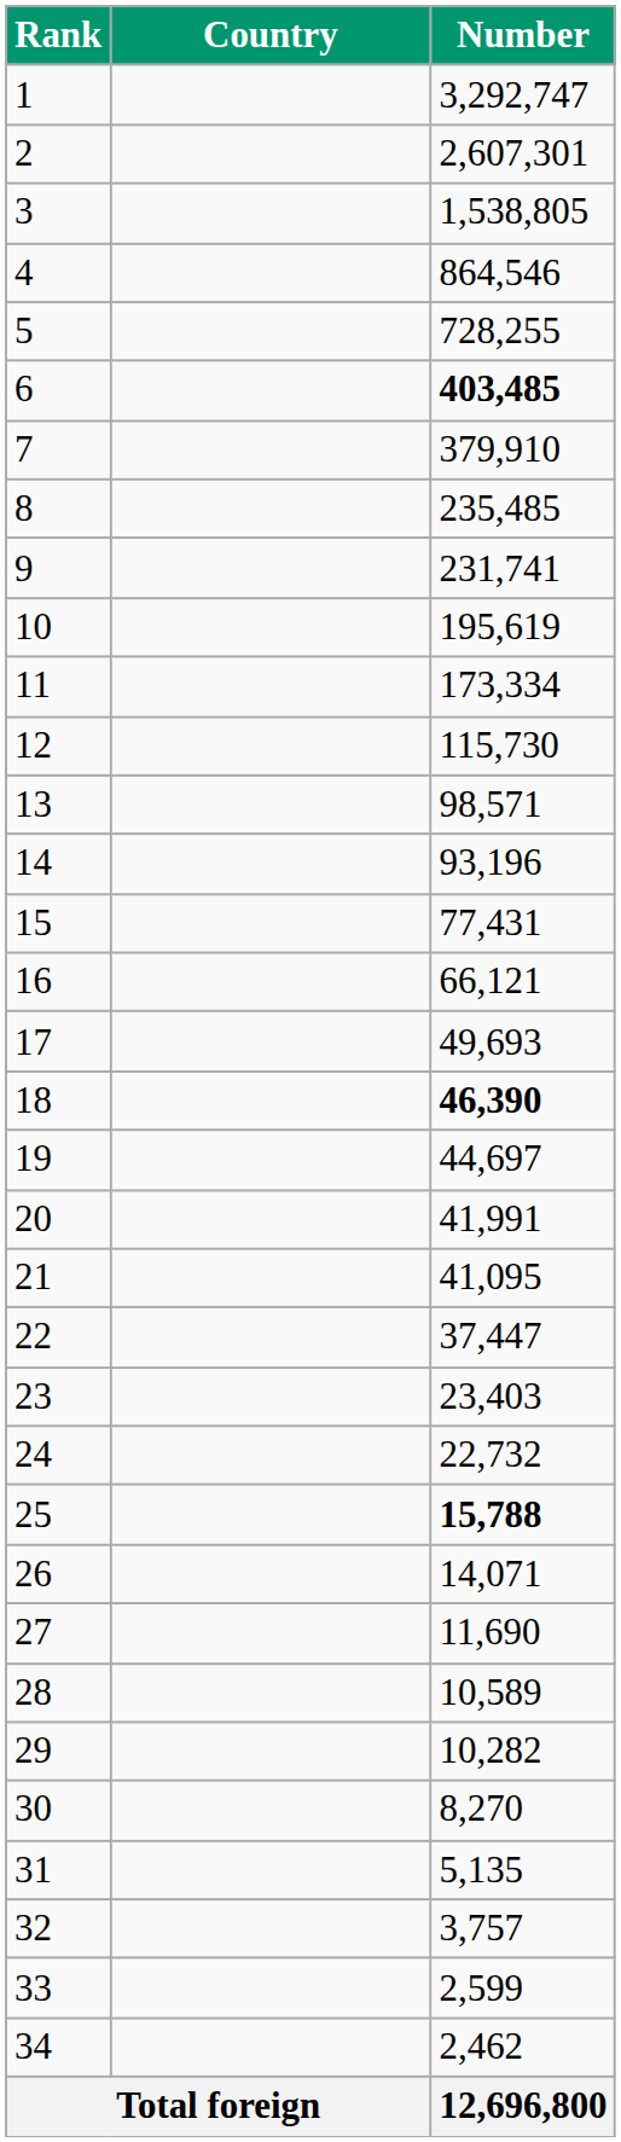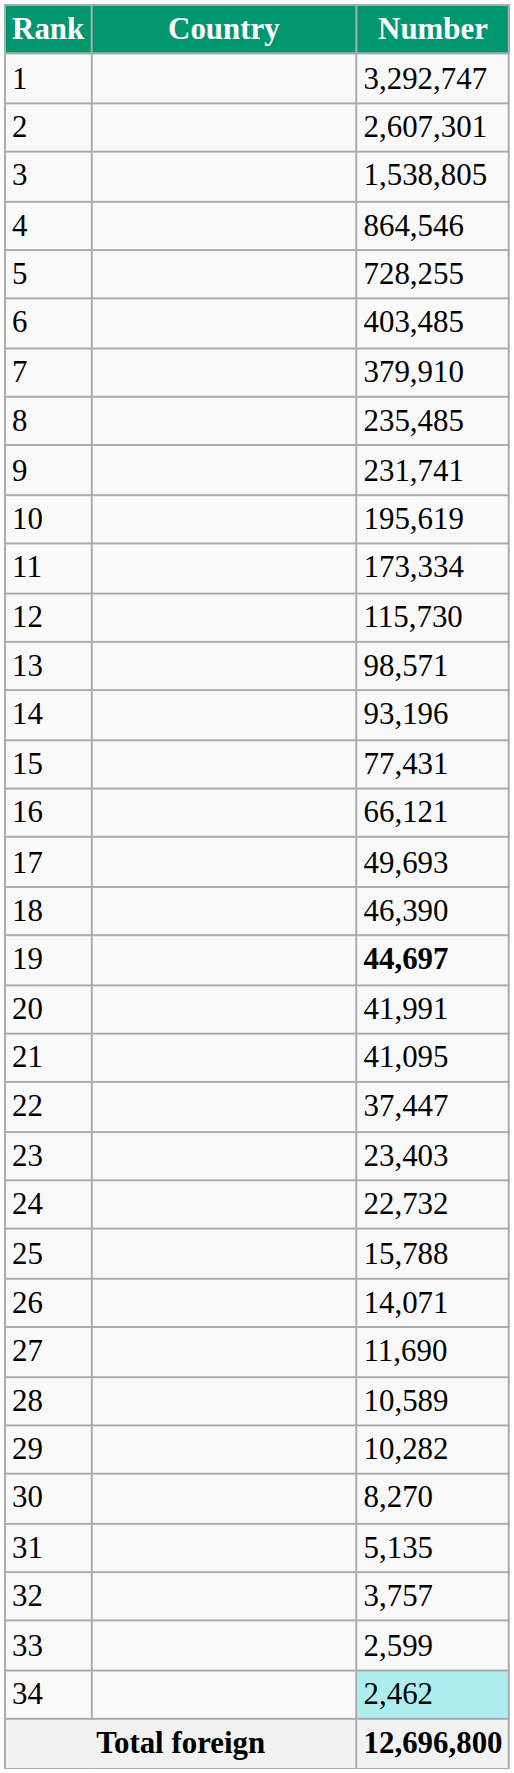 <table class="wikitable">
 <tr>
 </tr>
 <tr style="color:white;">
 <th style="width:5px; background:#00966E;">Rank</th>
 <th style="width:130px; background:#00966E;">Country</th>
 <th style="width:50px; background:#00966E;">Number</th>
 </tr>
 <tr>
 <td>1</td>
 <td></td>
 <td>3,292,747</td>
 </tr>
 <tr>
 <td>2</td>
 <td></td>
 <td>2,607,301</td>
 </tr>
 <tr>
 <td>3</td>
 <td></td>
 <td>1,538,805</td>
 </tr>
 <tr>
 <td>4</td>
 <td></td>
 <td>864,546</td>
 </tr>
 <tr>
 <td>5</td>
 <td></td>
 <td>728,255</td>
 </tr>
 <tr>
 <td>6</td>
 <td></td>
-<td><strong>403,485</strong></td>
+<td>403,485</td>
 </tr>
 <tr>
 <td>7</td>
 <td></td>
 <td>379,910</td>
 </tr>
 <tr>
 <td>8</td>
 <td></td>
 <td>235,485</td>
 </tr>
 <tr>
 <td>9</td>
 <td></td>
 <td>231,741</td>
 </tr>
 <tr>
 <td>10</td>
 <td></td>
 <td>195,619</td>
 </tr>
 <tr>
 <td>11</td>
 <td></td>
 <td>173,334</td>
 </tr>
 <tr>
 <td>12</td>
 <td></td>
 <td>115,730</td>
 </tr>
 <tr>
 <td>13</td>
 <td></td>
 <td>98,571</td>
 </tr>
 <tr>
 <td>14</td>
 <td></td>
 <td>93,196</td>
 </tr>
 <tr>
 <td>15</td>
 <td></td>
 <td>77,431</td>
 </tr>
 <tr>
 <td>16</td>
 <td></td>
 <td>66,121</td>
 </tr>
 <tr>
 <td>17</td>
 <td></td>
 <td>49,693</td>
 </tr>
 <tr>
 <td>18</td>
 <td></td>
-<td><strong>46,390</strong></td>
+<td>46,390</td>
 </tr>
 <tr>
 <td>19</td>
 <td></td>
-<td>44,697</td>
+<td><strong>44,697</strong></td>
 </tr>
 <tr>
 <td>20</td>
 <td></td>
 <td>41,991</td>
 </tr>
 <tr>
 <td>21</td>
 <td></td>
 <td>41,095</td>
 </tr>
 <tr>
 <td>22</td>
 <td></td>
 <td>37,447</td>
 </tr>
 <tr>
 <td>23</td>
 <td></td>
 <td>23,403</td>
 </tr>
 <tr>
 <td>24</td>
 <td></td>
 <td>22,732</td>
 </tr>
 <tr>
 <td>25</td>
 <td></td>
-<td><strong>15,788</strong></td>
+<td>15,788</td>
 </tr>
 <tr>
 <td>26</td>
 <td></td>
 <td>14,071</td>
 </tr>
 <tr>
 <td>27</td>
 <td></td>
 <td>11,690</td>
 </tr>
 <tr>
 <td>28</td>
 <td></td>
 <td>10,589</td>
 </tr>
 <tr>
 <td>29</td>
 <td></td>
 <td>10,282</td>
 </tr>
 <tr>
 <td>30</td>
 <td></td>
 <td>8,270</td>
 </tr>
 <tr>
 <td>31</td>
 <td></td>
 <td>5,135</td>
 </tr>
 <tr>
 <td>32</td>
 <td></td>
 <td>3,757</td>
 </tr>
 <tr>
 <td>33</td>
 <td></td>
 <td>2,599</td>
 </tr>
 <tr>
 <td>34</td>
 <td></td>
-<td>2,462</td>
+<td style="background: paleturquoise;">2,462</td>
 </tr>
 <tr>
 <th colspan=2>Total foreign</th>
 <th>12,696,800</th>
 </tr>
 </table>
